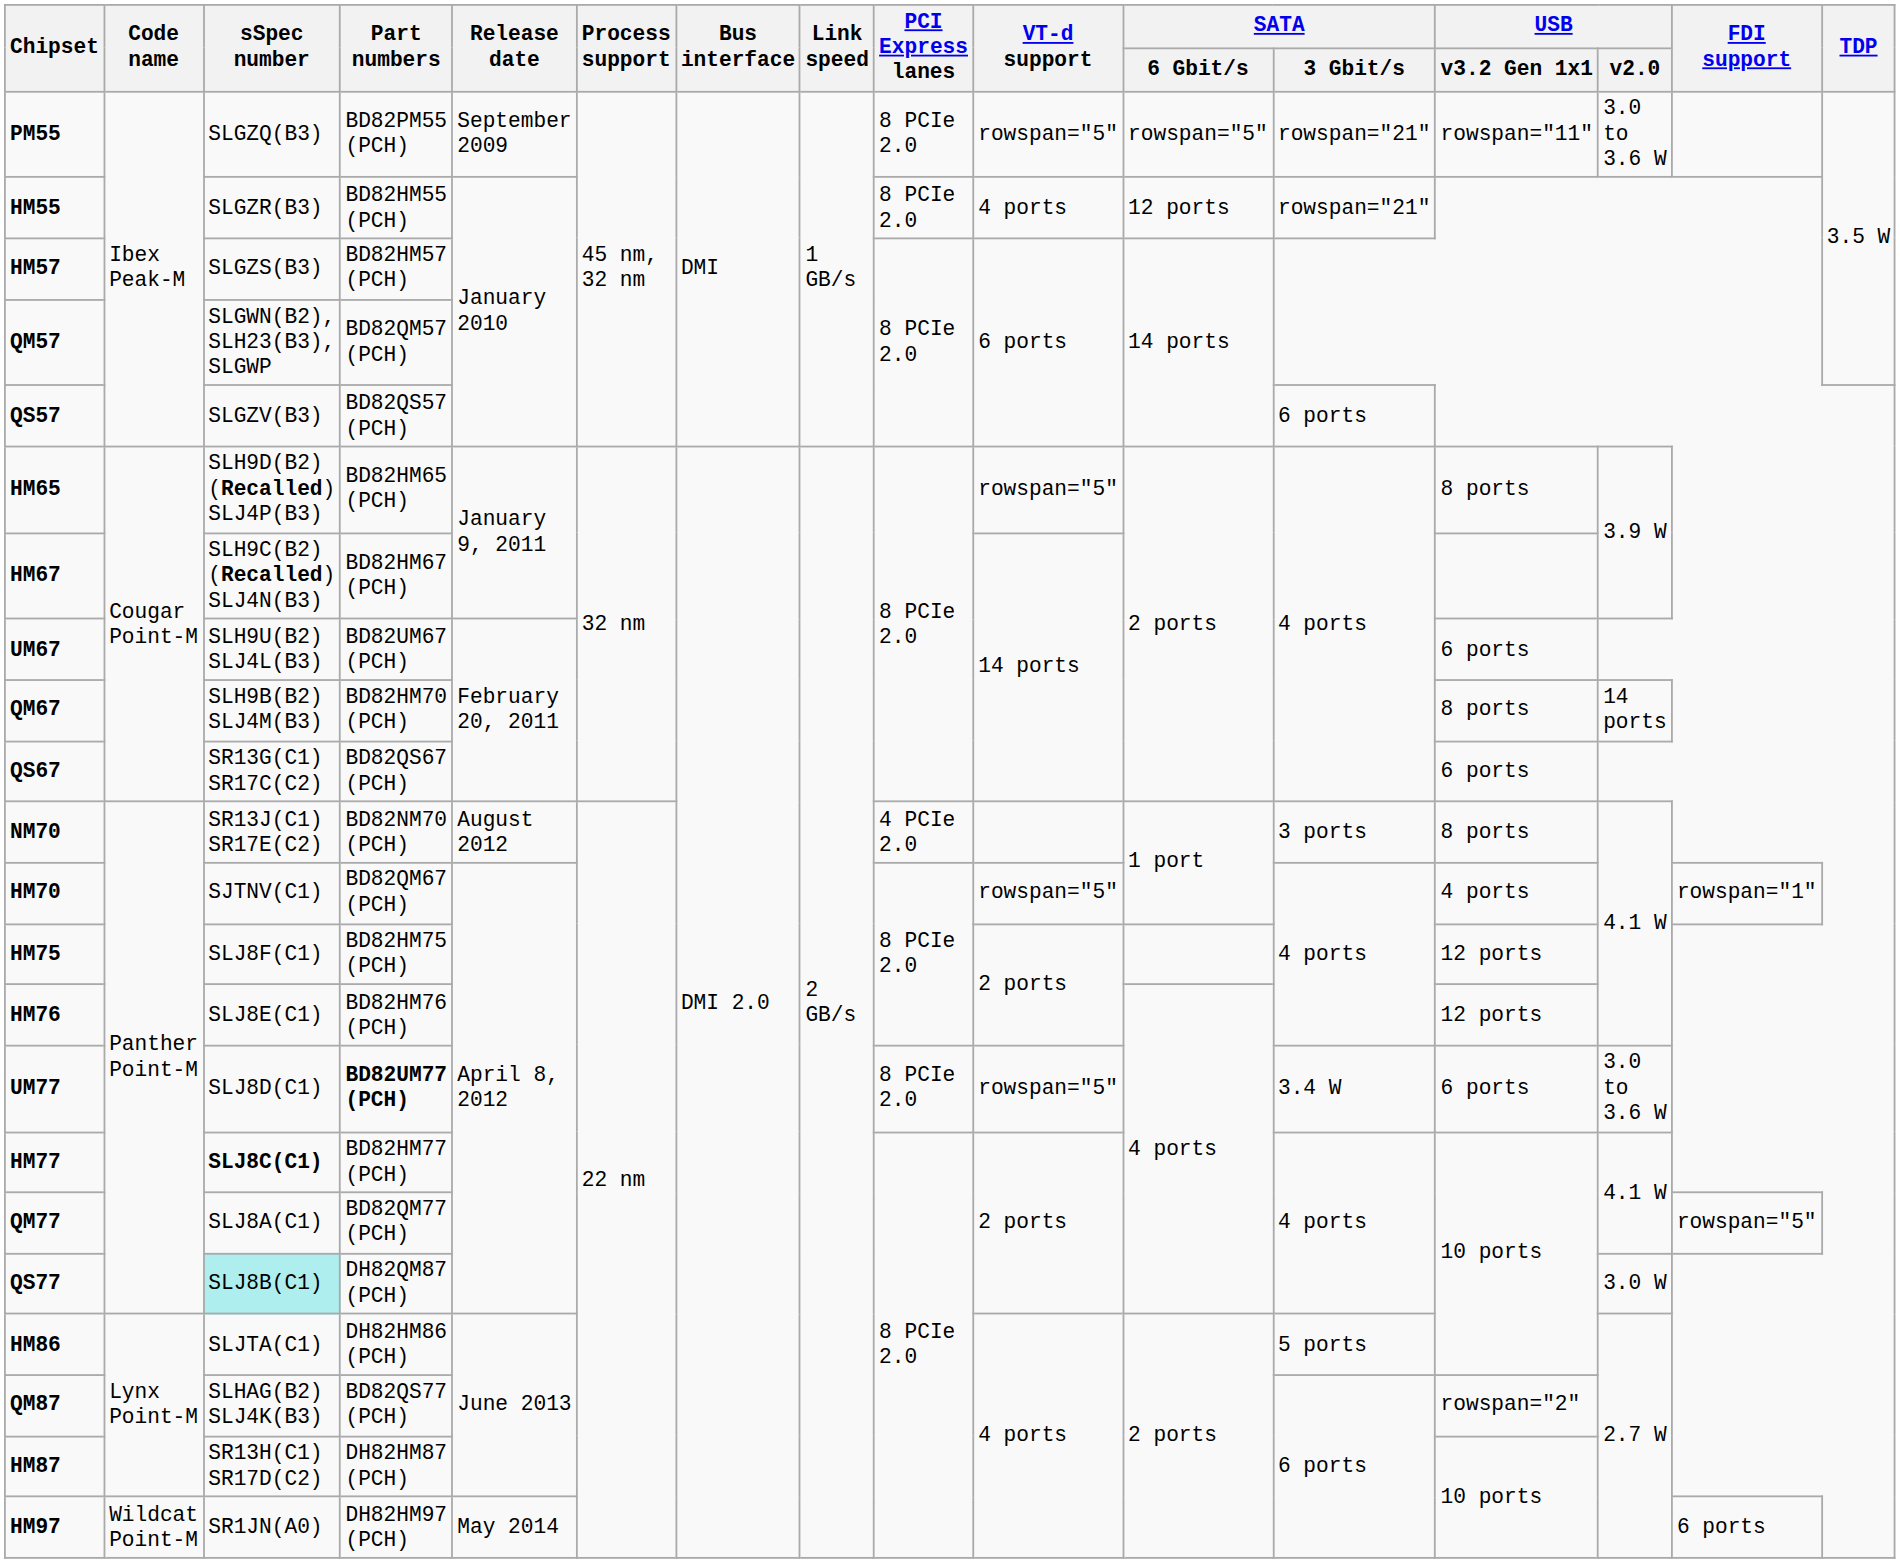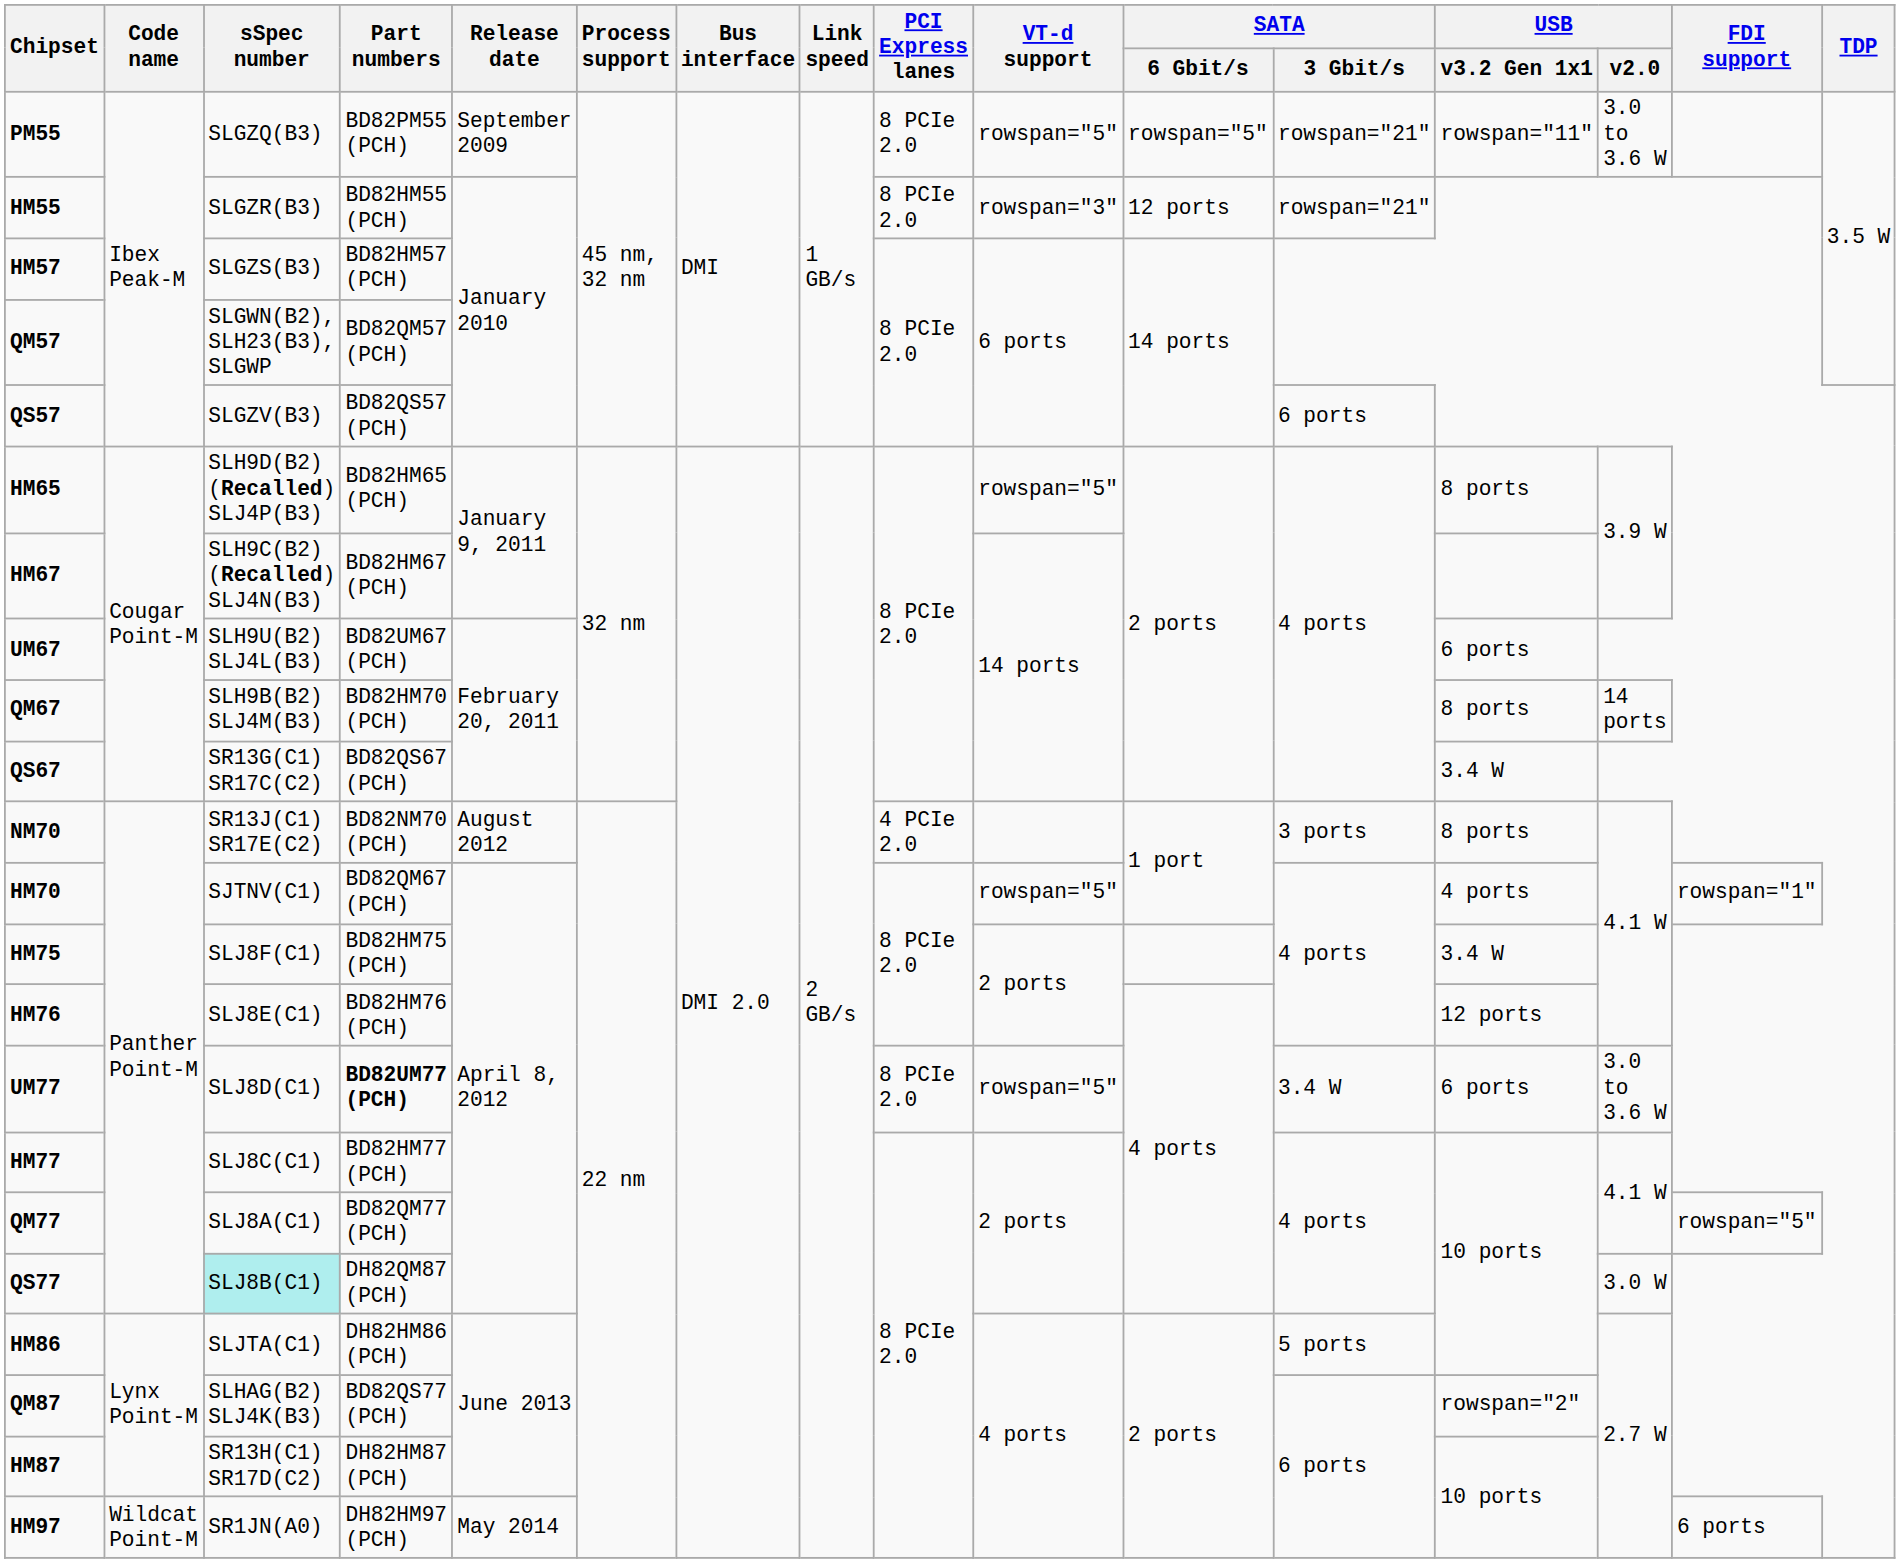 <table class="wikitable" style="font-size: 90%;">
 <tr>
 <th rowspan="2">Chipset</th>
 <th rowspan="2">Code<br>name</th>
 <th rowspan="2">sSpec<br>number</th>
 <th rowspan="2">Part<br>numbers</th>
 <th rowspan="2">Release date</th>
 <th rowspan="2">Process<br>support</th>
 <th rowspan="2">Bus<br>interface</th>
 <th rowspan="2">Link<br>speed</th>
 <th rowspan="2"><a href='#'>PCI Express</a><br>lanes</th>
 <th rowspan="2"><a href='#'>VT-d</a><br>support</th>
 <th colspan="2"><a href='#'>SATA</a></th>
 <th colspan="2"><a href='#'>USB</a></th>
 <th rowspan="2"><a href='#'>FDI</a><br><a href='#'>support</a></th>
 <th rowspan="2"><a href='#'>TDP</a></th>
 </tr>
 <tr>
 <th>6 Gbit/s</th>
 <th>3 Gbit/s</th>
 <th>v3.2 Gen 1x1</th>
 <th>v2.0</th>
 </tr>
 <tr>
 <td><strong>PM55</strong></td>
 <td rowspan="5">Ibex Peak-M</td>
 <td>SLGZQ(B3)</td>
 <td>BD82PM55 (PCH)</td>
 <td>September 2009</td>
 <td rowspan="5">45 nm, 32 nm</td>
 <td rowspan="5">DMI</td>
 <td rowspan="5">1 GB/s</td>
 <td>8 PCIe 2.0</td>
 <td>rowspan="5" </td>
 <td>rowspan="5" </td>
 <td>rowspan="21" </td>
 <td>rowspan="11" </td>
 <td>3.0 to 3.6 W</td>
 <td></td>
 <td rowspan="4">3.5 W</td>
 </tr>
 <tr>
 <td><strong>HM55</strong></td>
 <td>SLGZR(B3)</td>
 <td>BD82HM55 (PCH)</td>
 <td rowspan="4">January 2010</td>
 <td>8 PCIe 2.0</td>
-<td>4 ports</td>
+<td>rowspan="3" </td>
 <td>12 ports</td>
 <td>rowspan="21" </td>
 </tr>
 <tr>
 <td><strong>HM57</strong></td>
 <td>SLGZS(B3)</td>
 <td>BD82HM57 (PCH)</td>
 <td rowspan="3">8 PCIe 2.0</td>
 <td rowspan="3">6 ports</td>
 <td rowspan="3">14 ports</td>
 </tr>
 <tr>
 <td><strong>QM57</strong></td>
 <td>SLGWN(B2),<br>SLH23(B3),<br> SLGWP</td>
 <td>BD82QM57 (PCH)</td>
 </tr>
 <tr>
 <td><strong>QS57</strong></td>
 <td>SLGZV(B3)</td>
 <td>BD82QS57 (PCH)</td>
 <td>6 ports</td>
 </tr>
 <tr>
 <td><strong>HM65</strong></td>
 <td rowspan="5">Cougar Point-M</td>
 <td>SLH9D(B2) (<strong>Recalled</strong>)<br>SLJ4P(B3)</td>
 <td>BD82HM65 (PCH)</td>
 <td rowspan="2">January 9, 2011</td>
 <td rowspan="5">32 nm</td>
 <td rowspan="17">DMI 2.0</td>
 <td rowspan="17">2 GB/s</td>
 <td rowspan="5">8 PCIe 2.0</td>
 <td>rowspan="5" </td>
 <td rowspan="5">2 ports</td>
 <td rowspan="5">4 ports</td>
 <td>8 ports</td>
 <td rowspan="2">3.9 W</td>
 </tr>
 <tr>
 <td><strong>HM67</strong></td>
 <td>SLH9C(B2) (<strong>Recalled</strong>)<br>SLJ4N(B3)</td>
 <td>BD82HM67 (PCH)</td>
 <td rowspan="4">14 ports</td>
 </tr>
 <tr>
 <td><strong>UM67</strong></td>
 <td>SLH9U(B2)<br>SLJ4L(B3)</td>
 <td>BD82UM67 (PCH)</td>
 <td rowspan="3">February 20, 2011</td>
 <td>6 ports</td>
 </tr>
 <tr>
 <td><strong>QM67</strong></td>
 <td>SLH9B(B2)<br>SLJ4M(B3)</td>
 <td>BD82HM70 (PCH)</td>
 <td>8 ports</td>
 <td>14 ports</td>
 </tr>
 <tr>
 <td><strong>QS67</strong></td>
 <td>SR13G(C1)<br>SR17C(C2)</td>
 <td>BD82QS67 (PCH)</td>
-<td>6 ports</td>
+<td>3.4 W</td>
 </tr>
 <tr>
 <td><strong>NM70</strong></td>
 <td rowspan="8">Panther Point-M</td>
 <td>SR13J(C1)<br>SR17E(C2)</td>
 <td>BD82NM70 (PCH)</td>
 <td>August 2012</td>
 <td rowspan="12">22 nm</td>
 <td>4 PCIe 2.0</td>
 <td></td>
 <td rowspan="2">1 port</td>
 <td>3 ports</td>
 <td>8 ports</td>
 <td rowspan="4">4.1 W</td>
 </tr>
 <tr>
 <td><strong>HM70</strong></td>
 <td>SJTNV(C1)</td>
 <td>BD82QM67 (PCH)</td>
 <td rowspan="7">April 8, 2012</td>
 <td rowspan="3">8 PCIe 2.0</td>
 <td>rowspan="5" </td>
 <td rowspan="3">4 ports</td>
 <td>4 ports</td>
 <td>rowspan="1" </td>
 </tr>
 <tr>
 <td><strong>HM75</strong></td>
 <td>SLJ8F(C1)</td>
 <td>BD82HM75 (PCH)</td>
 <td rowspan="2">2 ports</td>
 <td></td>
-<td>12 ports</td>
+<td>3.4 W</td>
 </tr>
 <tr>
 <td><strong>HM76</strong></td>
 <td>SLJ8E(C1)</td>
 <td>BD82HM76 (PCH)</td>
 <td rowspan="5">4 ports</td>
 <td>12 ports</td>
 </tr>
 <tr>
 <td><strong>UM77</strong></td>
 <td>SLJ8D(C1)</td>
 <td><strong>BD82UM77 (PCH)</strong></td>
 <td>8 PCIe 2.0</td>
 <td>rowspan="5" </td>
 <td>3.4 W</td>
 <td>6 ports</td>
 <td>3.0 to 3.6 W</td>
 </tr>
 <tr>
 <td><strong>HM77</strong></td>
-<td><strong>SLJ8C(C1)</strong></td>
+<td>SLJ8C(C1)</td>
 <td>BD82HM77 (PCH)</td>
 <td rowspan="7">8 PCIe 2.0</td>
 <td rowspan="3">2 ports</td>
 <td rowspan="3">4 ports</td>
 <td rowspan="4">10 ports</td>
 <td rowspan="2">4.1 W</td>
 </tr>
 <tr>
 <td><strong>QM77</strong></td>
 <td>SLJ8A(C1)</td>
 <td>BD82QM77 (PCH)</td>
 <td>rowspan="5" </td>
 </tr>
 <tr>
 <td><strong>QS77</strong></td>
 <td style="background: paleturquoise;">SLJ8B(C1)</td>
 <td>DH82QM87 (PCH)</td>
 <td>3.0 W</td>
 </tr>
 <tr>
 <td><strong>HM86</strong></td>
 <td rowspan="3">Lynx Point-M</td>
 <td>SLJTA(C1)</td>
 <td>DH82HM86 (PCH)</td>
 <td rowspan="3">June 2013</td>
 <td rowspan="4">4 ports</td>
 <td rowspan="4">2 ports</td>
 <td>5 ports</td>
 <td rowspan="4">2.7 W</td>
 </tr>
 <tr>
 <td><strong>QM87</strong></td>
 <td>SLHAG(B2)<br>SLJ4K(B3)</td>
 <td>BD82QS77 (PCH)</td>
 <td rowspan="3">6 ports</td>
 <td>rowspan="2" </td>
 </tr>
 <tr>
 <td><strong>HM87</strong></td>
 <td>SR13H(C1)<br>SR17D(C2)</td>
 <td>DH82HM87 (PCH)</td>
 <td rowspan="2">10 ports</td>
 </tr>
 <tr>
 <td><strong>HM97</strong></td>
 <td>Wildcat Point-M</td>
 <td>SR1JN(A0)</td>
 <td>DH82HM97 (PCH)</td>
 <td>May 2014</td>
 <td>6 ports</td>
 </tr>
 </table>
